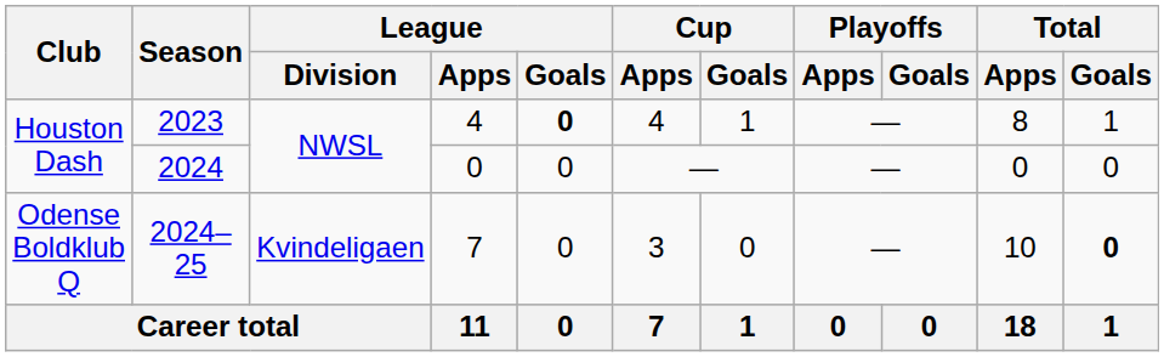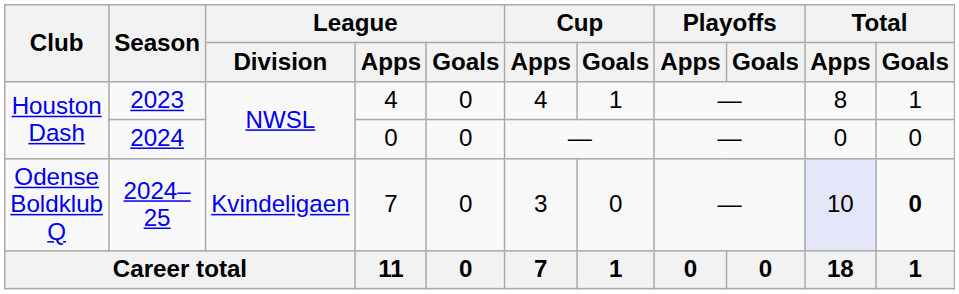 <table class="wikitable" style="text-align: center;">
 <tr>
 <th rowspan="2">Club</th>
 <th rowspan="2">Season</th>
 <th colspan="3">League</th>
 <th colspan="2">Cup</th>
 <th colspan="2">Playoffs</th>
 <th colspan="2">Total</th>
 </tr>
 <tr>
 <th>Division</th>
 <th>Apps</th>
 <th>Goals</th>
 <th>Apps</th>
 <th>Goals</th>
 <th>Apps</th>
 <th>Goals</th>
 <th>Apps</th>
 <th>Goals</th>
 </tr>
 <tr>
 <td rowspan="2"><a href='#'>Houston Dash</a></td>
 <td><a href='#'>2023</a></td>
 <td rowspan="2"><a href='#'>NWSL</a></td>
 <td>4</td>
-<td><strong>0</strong></td>
+<td>0</td>
 <td>4</td>
 <td>1</td>
 <td colspan="2">—</td>
 <td>8</td>
 <td>1</td>
 </tr>
 <tr>
 <td><a href='#'>2024</a></td>
 <td>0</td>
 <td>0</td>
 <td colspan="2">—</td>
 <td colspan="2">—</td>
 <td>0</td>
 <td>0</td>
 </tr>
 <tr>
 <td><a href='#'>Odense Boldklub Q</a></td>
 <td><a href='#'>2024–25</a></td>
 <td><a href='#'>Kvindeligaen</a></td>
 <td>7</td>
 <td>0</td>
 <td>3</td>
 <td>0</td>
 <td colspan="2">—</td>
-<td>10</td>
+<td style="background: lavender;">10</td>
 <td><strong>0</strong></td>
 </tr>
 <tr>
 <th colspan="3">Career total</th>
 <th>11</th>
 <th>0</th>
 <th>7</th>
 <th>1</th>
 <th>0</th>
 <th>0</th>
 <th>18</th>
 <th>1</th>
 </tr>
 </table>
